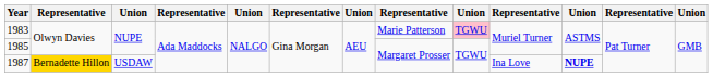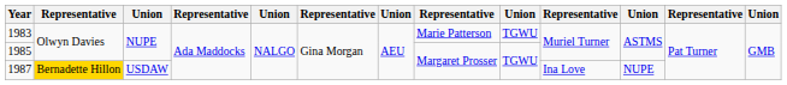 <table class="wikitable">
 <tr>
 <th>Year</th>
 <th>Representative</th>
 <th>Union</th>
 <th>Representative</th>
 <th>Union</th>
 <th>Representative</th>
 <th>Union</th>
 <th>Representative</th>
 <th>Union</th>
 <th>Representative</th>
 <th>Union</th>
 <th>Representative</th>
 <th>Union</th>
 </tr>
 <tr>
 <td>1983</td>
 <td rowspan=2>Olwyn Davies</td>
 <td rowspan=2><a href='#'>NUPE</a></td>
 <td rowspan=3><a href='#'>Ada Maddocks</a></td>
 <td rowspan=3><a href='#'>NALGO</a></td>
 <td rowspan=3>Gina Morgan</td>
 <td rowspan=3><a href='#'>AEU</a></td>
 <td><a href='#'>Marie Patterson</a></td>
-<td style="background: pink;"><a href='#'>TGWU</a></td>
+<td><a href='#'>TGWU</a></td>
 <td rowspan=2><a href='#'>Muriel Turner</a></td>
 <td rowspan=2><a href='#'>ASTMS</a></td>
 <td rowspan=3><a href='#'>Pat Turner</a></td>
 <td rowspan=3><a href='#'>GMB</a></td>
 </tr>
 <tr>
 <td>1985</td>
 <td rowspan=2><a href='#'>Margaret Prosser</a></td>
 <td rowspan=2><a href='#'>TGWU</a></td>
 </tr>
 <tr>
 <td>1987</td>
 <td style="background: gold;">Bernadette Hillon</td>
 <td><a href='#'>USDAW</a></td>
 <td><a href='#'>Ina Love</a></td>
-<td><strong><a href='#'>NUPE</a></strong></td>
+<td><a href='#'>NUPE</a></td>
 </tr>
 </table>
